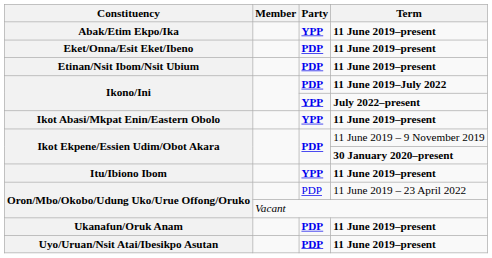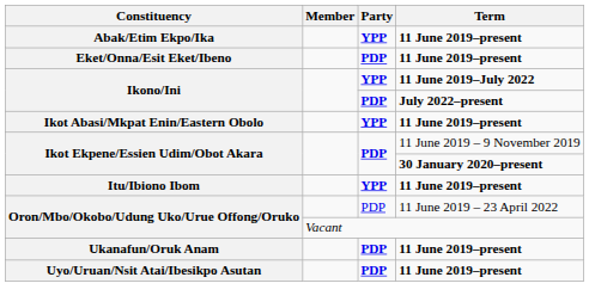 <table class="wikitable">
 <tr valign=bottom>
 <th>Constituency</th>
 <th>Member</th>
 <th>Party</th>
 <th>Term</th>
 </tr>
 <tr>
 <th>Abak/Etim Ekpo/Ika</th>
 <td><strong></strong></td>
 <td><strong><a href='#'>YPP</a></strong></td>
 <td><strong>11 June 2019–present</strong></td>
 </tr>
 <tr>
 <th>Eket/Onna/Esit Eket/Ibeno</th>
 <td><strong></strong></td>
 <td><strong><a href='#'>PDP</a></strong></td>
 <td><strong>11 June 2019–present</strong></td>
 </tr>
 <tr>
-<th>Etinan/Nsit Ibom/Nsit Ubium</th>
-<td><strong></strong></td>
-<td><strong><a href='#'>PDP</a></strong></td>
-<td><strong>11 June 2019–present</strong></td>
-</tr>
-<tr>
 <th rowspan=2>Ikono/Ini</th>
 <td rowspan=2><strong></strong></td>
-<td><strong><a href='#'>PDP</a></strong></td>
+<td><strong><a href='#'>YPP</a></strong></td>
 <td><strong>11 June 2019–July 2022</strong></td>
 </tr>
 <tr>
-<td><strong><a href='#'>YPP</a></strong></td>
+<td><strong><a href='#'>PDP</a></strong></td>
 <td><strong>July 2022–present</strong></td>
 </tr>
 <tr>
 <th>Ikot Abasi/Mkpat Enin/Eastern Obolo</th>
 <td><strong></strong></td>
 <td><strong><a href='#'>YPP</a></strong></td>
 <td><strong>11 June 2019–present</strong></td>
 </tr>
 <tr>
 <th rowspan=2>Ikot Ekpene/Essien Udim/Obot Akara</th>
 <td rowspan=2><strong></strong></td>
 <td rowspan=2 ><strong><a href='#'>PDP</a></strong></td>
 <td>11 June 2019 – 9 November 2019</td>
 </tr>
 <tr>
 <td><strong>30 January 2020–present</strong></td>
 </tr>
 <tr>
 <th>Itu/Ibiono Ibom</th>
 <td><strong></strong></td>
 <td><strong><a href='#'>YPP</a></strong></td>
 <td><strong>11 June 2019–present</strong></td>
 </tr>
 <tr>
 <th rowspan=2>Oron/Mbo/Okobo/Udung Uko/Urue Offong/Oruko</th>
 <td style="opacity:.3;"></td>
 <td><a href='#'>PDP</a></td>
 <td>11 June 2019 – 23 April 2022</td>
 </tr>
 <tr>
 <td colspan=3><em>Vacant</em></td>
 </tr>
 <tr>
 <th>Ukanafun/Oruk Anam</th>
 <td><strong></strong></td>
 <td><strong><a href='#'>PDP</a></strong></td>
 <td><strong>11 June 2019–present</strong></td>
 </tr>
 <tr>
 <th>Uyo/Uruan/Nsit Atai/Ibesikpo Asutan</th>
 <td><strong></strong></td>
 <td><strong><a href='#'>PDP</a></strong></td>
 <td><strong>11 June 2019–present</strong></td>
 </tr>
 </table>
